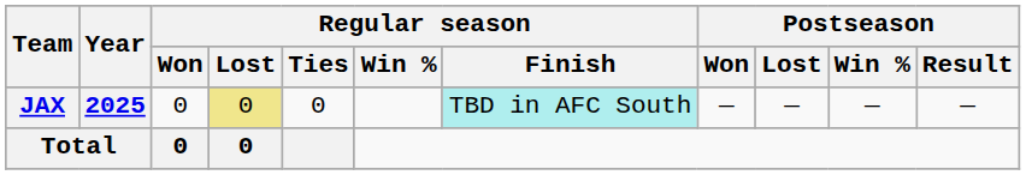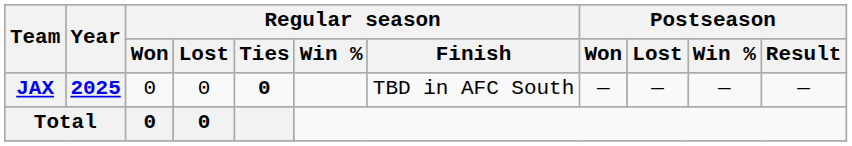 <table class="wikitable" style="font-size: 95%; text-align:center;">
 <tr>
 <th rowspan="2">Team</th>
 <th rowspan="2">Year</th>
 <th colspan="5">Regular season</th>
 <th colspan="4">Postseason</th>
 </tr>
 <tr>
 <th>Won</th>
 <th>Lost</th>
 <th>Ties</th>
 <th>Win %</th>
 <th>Finish</th>
 <th>Won</th>
 <th>Lost</th>
 <th>Win %</th>
 <th>Result</th>
 </tr>
 <tr>
 <th><a href='#'>JAX</a></th>
 <th><a href='#'>2025</a></th>
 <td>0</td>
-<td style="background: khaki;">0</td>
 <td>0</td>
+<td><strong>0</strong></td>
 <td></td>
-<td style="background: paleturquoise;">TBD in AFC South</td>
+<td>TBD in AFC South</td>
 <td>—</td>
 <td>—</td>
 <td>—</td>
 <td>—</td>
 </tr>
 <tr>
 <th colspan="2">Total</th>
 <th>0</th>
 <th>0</th>
 <th 0><br>                 </th>
 </tr>
 </table>
